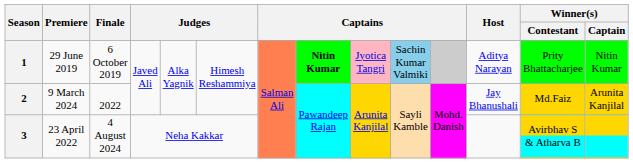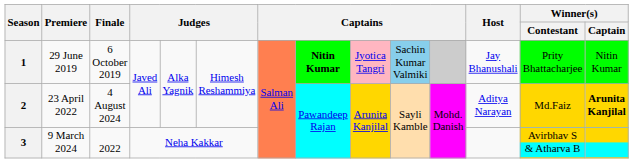 <table class="wikitable" style="margin-left: auto; margin-right: auto; border: none; text-align:center; font-size:85%; width: 60%;">
 <tr>
 <th rowspan="2">Season</th>
 <th rowspan="2">Premiere</th>
 <th rowspan="2">Finale</th>
 <th colspan="3" rowspan="2">Judges</th>
 <th colspan="5" rowspan="2">Captains</th>
 <th rowspan="2">Host</th>
 <th colspan="2">Winner(s)</th>
 </tr>
 <tr>
 <th>Contestant</th>
 <th>Captain</th>
 </tr>
 <tr>
 <th><strong>1</strong></th>
 <td>29 June 2019</td>
 <td>6 October 2019</td>
 <td rowspan="2"><a href='#'>Javed Ali</a></td>
 <td rowspan="2"><a href='#'>Alka Yagnik</a></td>
 <td rowspan="2"><a href='#'>Himesh Reshammiya</a></td>
 <td rowspan="3" style="background:#FF7F50;"><a href='#'>Salman Ali</a></td>
 <td style="background:#00FF00;"><strong>Nitin Kumar</strong></td>
 <td style="background:#FFB6C1;"><a href='#'>Jyotica Tangri</a></td>
 <td style="background:#87CEEB;">Sachin Kumar Valmiki</td>
 <td bgcolor="#ccc"></td>
-<td><a href='#'>Aditya Narayan</a></td>
+<td><a href='#'>Jay Bhanushali</a></td>
 <td style="background: #00FF00;">Prity Bhattacharjee</td>
 <td style="background:#00FF00;">Nitin Kumar</td>
 </tr>
 <tr>
 <th><strong>2</strong></th>
-<td>9 March 2024</td>
-<td><br>2022</td>
+<td>23 April 2022</td>
+<td>4 August 2024</td>
 <td rowspan="2" style="background:cyan;"><a href='#'>Pawandeep Rajan</a></td>
 <td rowspan="2" style="background:gold;"><a href='#'>Arunita Kanjilal</a></td>
 <td rowspan="2" style="background:navajowhite;">Sayli Kamble</td>
 <td rowspan="2" style="background:magenta;">Mohd. Danish</td>
-<td><a href='#'>Jay Bhanushali</a></td>
+<td><a href='#'>Aditya Narayan</a></td>
 <td style="background:gold;">Md.Faiz</td>
-<td style="background:gold;">Arunita Kanjilal</td>
+<td style="background:gold;"><strong>Arunita Kanjilal</strong></td>
 </tr>
 <tr>
 <th><strong>3</strong></th>
-<td>23 April 2022</td>
-<td>4 August 2024</td>
+<td>9 March 2024</td>
+<td><br>2022</td>
 <td colspan="3"><a href='#'>Neha Kakkar</a></td>
 <td></td>
 <td style="background-image: linear-gradient( gold 50%,  cyan 50%);">Avirbhav S & Atharva B</td>
 <td style="background-image: linear-gradient( gold 50%,  cyan 50%);"><br></td>
 </tr>
 </table>
